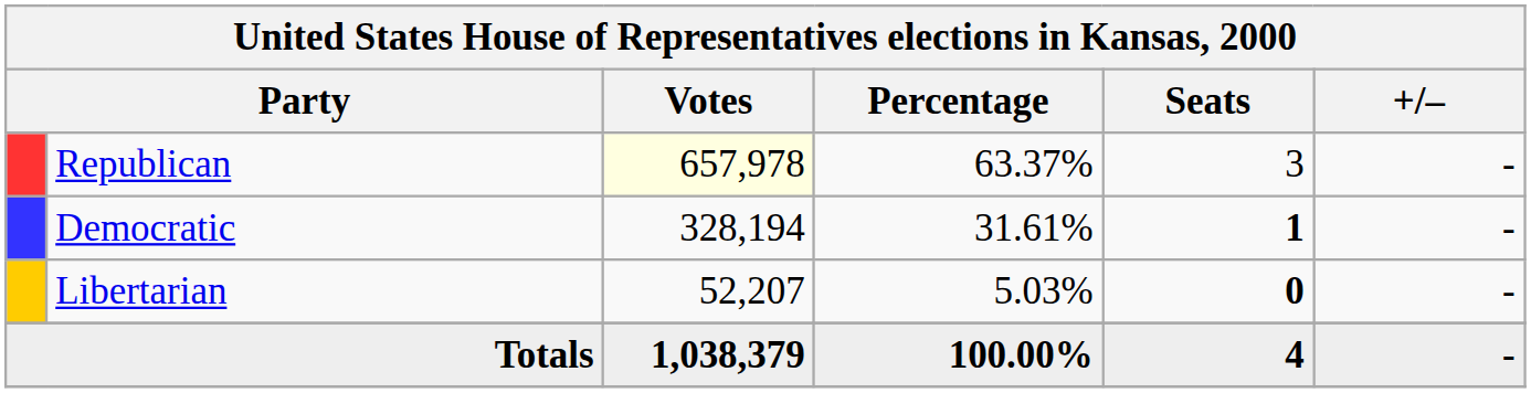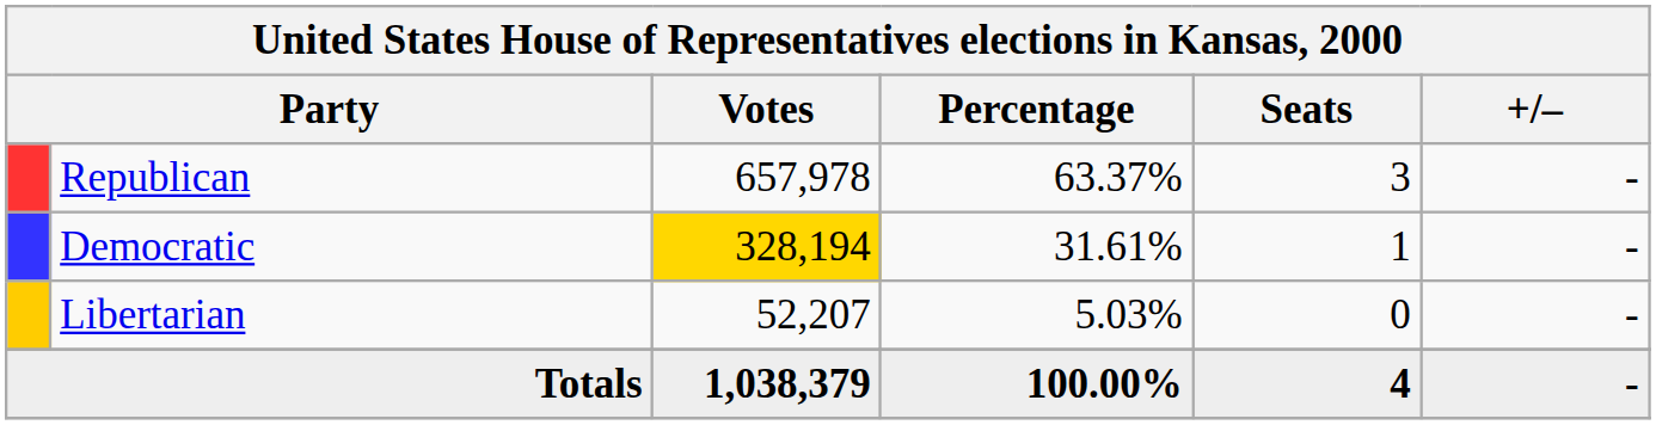 <table class="wikitable" style="font-size: 95%;">
 <tr>
 <th colspan="6">United States House of Representatives elections in Kansas, 2000</th>
 </tr>
 <tr>
 <th colspan=2 style="width: 15em">Party</th>
 <th style="width: 5em">Votes</th>
 <th style="width: 7em">Percentage</th>
 <th style="width: 5em">Seats</th>
 <th style="width: 5em">+/–</th>
 </tr>
 <tr>
 <th style="background-color:#FF3333; width: 3px"></th>
 <td style="width: 130px"><a href='#'>Republican</a></td>
-<td align="right" style="background: lightyellow;">657,978</td>
+<td align="right">657,978</td>
 <td align="right">63.37%</td>
 <td align="right">3</td>
 <td align="right">-</td>
 </tr>
 <tr>
 <th style="background-color:#3333FF; width: 3px"></th>
 <td style="width: 130px"><a href='#'>Democratic</a></td>
-<td align="right">328,194</td>
+<td align="right" style="background: gold;">328,194</td>
 <td align="right">31.61%</td>
-<td align="right"><strong>1</strong></td>
+<td align="right">1</td>
 <td align="right">-</td>
 </tr>
 <tr>
 <th style="background-color:#FFCC00; width: 3px"></th>
 <td style="width: 130px"><a href='#'>Libertarian</a></td>
 <td align="right">52,207</td>
 <td align="right">5.03%</td>
-<td align="right"><strong>0</strong></td>
+<td align="right">0</td>
 <td align="right">-</td>
 </tr>
 <tr>
 </tr>
 <tr bgcolor="#EEEEEE">
 <td colspan="2" align="right"><strong>Totals</strong></td>
 <td align="right"><strong>1,038,379</strong></td>
 <td align="right"><strong>100.00%</strong></td>
 <td align="right"><strong>4</strong></td>
 <td align="right"><strong>-</strong></td>
 </tr>
 <tr bgcolor="#EEEEEE">
 </tr>
 </table>
